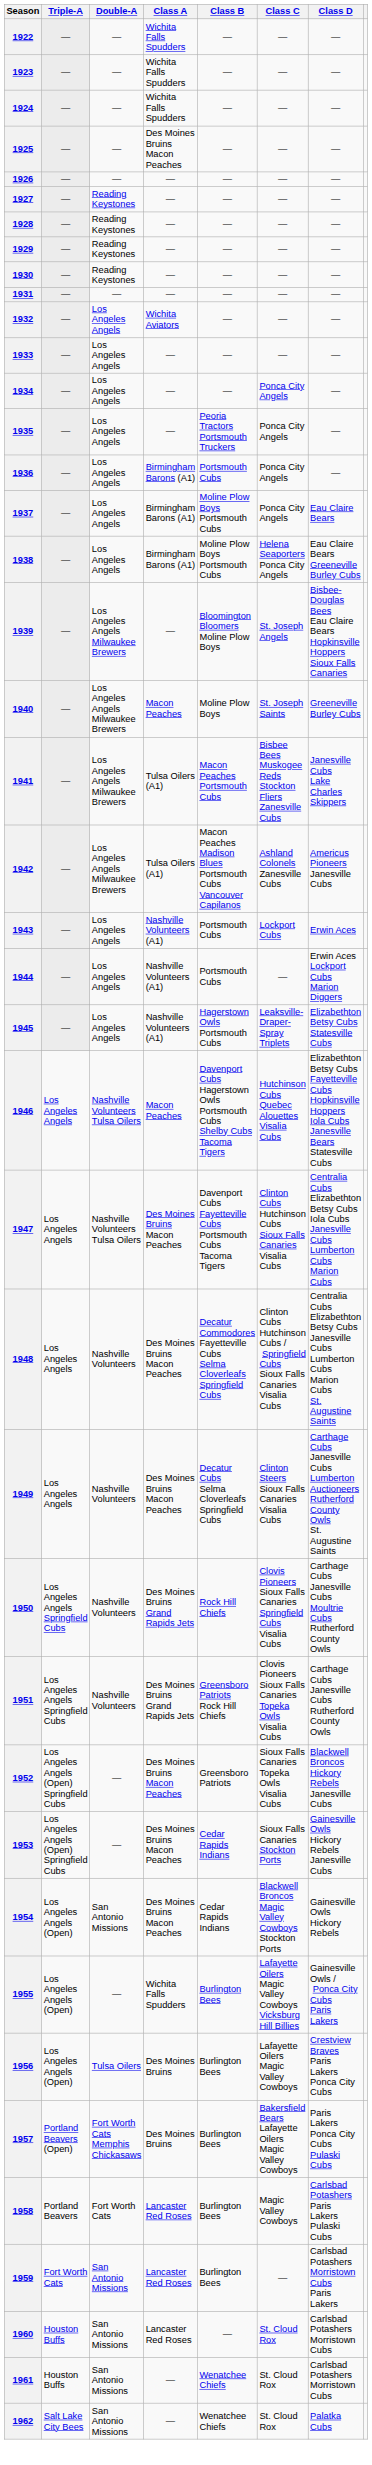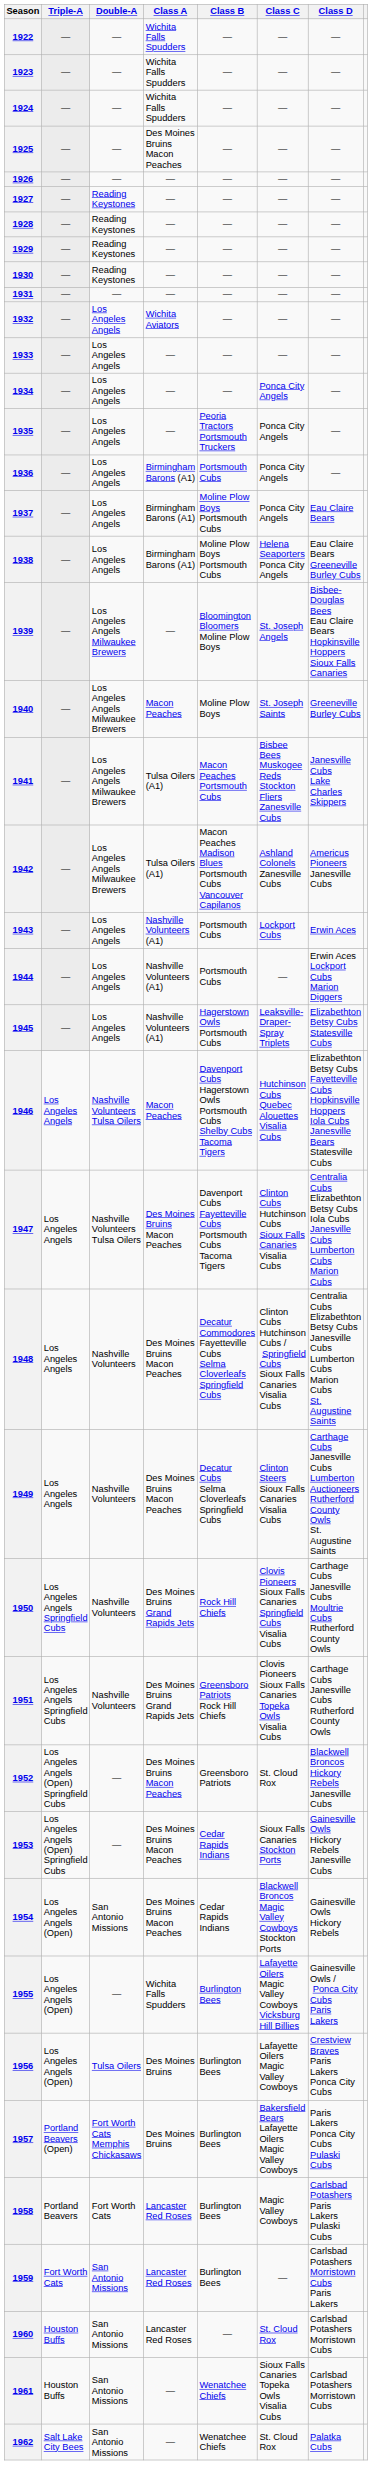 <table class="wikitable plainrowheaders">
 <tr>
 <th scope="col">Season</th>
 <th scope="col"><a href='#'><span>Triple-A</span></a></th>
 <th scope="col"><a href='#'><span>Double-A</span></a></th>
 <th scope="col"><a href='#'><span>Class A</span></a></th>
 <th scope="col"><a href='#'><span>Class B</span></a></th>
 <th scope="col"><a href='#'><span>Class C</span></a></th>
 <th scope="col"><a href='#'><span>Class D</span></a></th>
 <th scope="col"></th>
 </tr>
 <tr>
 <th scope="row" style="text-align:center"><a href='#'>1922</a></th>
 <td style="background:#ececec" align="center">—</td>
 <td align="center">—</td>
 <td><a href='#'>Wichita Falls Spudders</a></td>
 <td align="center">—</td>
 <td align="center">—</td>
 <td align="center">—</td>
 <td align="center"></td>
 </tr>
 <tr>
 <th scope="row" style="text-align:center"><a href='#'>1923</a></th>
 <td style="background:#ececec" align="center">—</td>
 <td align="center">—</td>
 <td>Wichita Falls Spudders</td>
 <td align="center">—</td>
 <td align="center">—</td>
 <td align="center">—</td>
 <td align="center"></td>
 </tr>
 <tr>
 <th scope="row" style="text-align:center"><a href='#'>1924</a></th>
 <td style="background:#ececec" align="center">—</td>
 <td align="center">—</td>
 <td>Wichita Falls Spudders</td>
 <td align="center">—</td>
 <td align="center">—</td>
 <td align="center">—</td>
 <td align="center"></td>
 </tr>
 <tr>
 <th scope="row" style="text-align:center"><a href='#'>1925</a></th>
 <td style="background:#ececec" align="center">—</td>
 <td align="center">—</td>
 <td>Des Moines Bruins<br>Macon Peaches</td>
 <td align="center">—</td>
 <td align="center">—</td>
 <td align="center">—</td>
 <td align="center"></td>
 </tr>
 <tr>
 <th scope="row" style="text-align:center"><a href='#'>1926</a></th>
 <td style="background:#ececec" align="center">—</td>
 <td align="center">—</td>
 <td align="center">—</td>
 <td align="center">—</td>
 <td align="center">—</td>
 <td align="center">—</td>
 <td align="center"></td>
 </tr>
 <tr>
 <th scope="row" style="text-align:center"><a href='#'>1927</a></th>
 <td style="background:#ececec" align="center">—</td>
 <td><a href='#'>Reading Keystones</a></td>
 <td align="center">—</td>
 <td align="center">—</td>
 <td align="center">—</td>
 <td align="center">—</td>
 <td align="center"></td>
 </tr>
 <tr>
 <th scope="row" style="text-align:center"><a href='#'>1928</a></th>
 <td style="background:#ececec" align="center">—</td>
 <td>Reading Keystones</td>
 <td align="center">—</td>
 <td align="center">—</td>
 <td align="center">—</td>
 <td align="center">—</td>
 <td align="center"></td>
 </tr>
 <tr>
 <th scope="row" style="text-align:center"><a href='#'>1929</a></th>
 <td style="background:#ececec" align="center">—</td>
 <td>Reading Keystones</td>
 <td align="center">—</td>
 <td align="center">—</td>
 <td align="center">—</td>
 <td align="center">—</td>
 <td align="center"></td>
 </tr>
 <tr>
 <th scope="row" style="text-align:center"><a href='#'>1930</a></th>
 <td style="background:#ececec" align="center">—</td>
 <td>Reading Keystones</td>
 <td align="center">—</td>
 <td align="center">—</td>
 <td align="center">—</td>
 <td align="center">—</td>
 <td align="center"></td>
 </tr>
 <tr>
 <th scope="row" style="text-align:center"><a href='#'>1931</a></th>
 <td style="background:#ececec" align="center">—</td>
 <td align="center">—</td>
 <td align="center">—</td>
 <td align="center">—</td>
 <td align="center">—</td>
 <td align="center">—</td>
 <td align="center"></td>
 </tr>
 <tr>
 <th scope="row" style="text-align:center"><a href='#'>1932</a></th>
 <td style="background:#ececec" align="center">—</td>
 <td><a href='#'>Los Angeles Angels</a></td>
 <td><a href='#'>Wichita Aviators</a></td>
 <td align="center">—</td>
 <td align="center">—</td>
 <td align="center">—</td>
 <td align="center"></td>
 </tr>
 <tr>
 <th scope="row" style="text-align:center"><a href='#'>1933</a></th>
 <td style="background:#ececec" align="center">—</td>
 <td>Los Angeles Angels</td>
 <td align="center">—</td>
 <td align="center">—</td>
 <td align="center">—</td>
 <td align="center">—</td>
 <td align="center"></td>
 </tr>
 <tr>
 <th scope="row" style="text-align:center"><a href='#'>1934</a></th>
 <td style="background:#ececec" align="center">—</td>
 <td>Los Angeles Angels</td>
 <td align="center">—</td>
 <td align="center">—</td>
 <td><a href='#'>Ponca City Angels</a></td>
 <td align="center">—</td>
 <td align="center"></td>
 </tr>
 <tr>
 <th scope="row" style="text-align:center"><a href='#'>1935</a></th>
 <td style="background:#ececec" align="center">—</td>
 <td>Los Angeles Angels</td>
 <td align="center">—</td>
 <td><a href='#'>Peoria Tractors</a><br><a href='#'>Portsmouth Truckers</a></td>
 <td>Ponca City Angels</td>
 <td align="center">—</td>
 <td align="center"></td>
 </tr>
 <tr>
 <th scope="row" style="text-align:center"><a href='#'>1936</a></th>
 <td style="background:#ececec" align="center">—</td>
 <td>Los Angeles Angels</td>
 <td><a href='#'>Birmingham Barons</a> (A1)</td>
 <td><a href='#'>Portsmouth Cubs</a></td>
 <td>Ponca City Angels</td>
 <td align="center">—</td>
 <td align="center"></td>
 </tr>
 <tr>
 <th scope="row" style="text-align:center"><a href='#'>1937</a></th>
 <td style="background:#ececec" align="center">—</td>
 <td>Los Angeles Angels</td>
 <td>Birmingham Barons (A1)</td>
 <td><a href='#'>Moline Plow Boys</a><br>Portsmouth Cubs</td>
 <td>Ponca City Angels</td>
 <td><a href='#'>Eau Claire Bears</a></td>
 <td align="center"></td>
 </tr>
 <tr>
 <th scope="row" style="text-align:center"><a href='#'>1938</a></th>
 <td style="background:#ececec" align="center">—</td>
 <td>Los Angeles Angels</td>
 <td>Birmingham Barons (A1)</td>
 <td>Moline Plow Boys<br>Portsmouth Cubs</td>
 <td><a href='#'>Helena Seaporters</a><br>Ponca City Angels</td>
 <td>Eau Claire Bears<br><a href='#'>Greeneville Burley Cubs</a></td>
 <td align="center"></td>
 </tr>
 <tr>
 <th scope="row" style="text-align:center"><a href='#'>1939</a></th>
 <td style="background:#ececec" align="center">—</td>
 <td>Los Angeles Angels<br><a href='#'>Milwaukee Brewers</a></td>
 <td align="center">—</td>
 <td><a href='#'>Bloomington Bloomers</a><br>Moline Plow Boys</td>
 <td><a href='#'>St. Joseph Angels</a></td>
 <td><a href='#'>Bisbee-Douglas Bees</a><br>Eau Claire Bears<br><a href='#'>Hopkinsville Hoppers</a><br><a href='#'>Sioux Falls Canaries</a></td>
 <td align="center"></td>
 </tr>
 <tr>
 <th scope="row" style="text-align:center"><a href='#'>1940</a></th>
 <td style="background:#ececec" align="center">—</td>
 <td>Los Angeles Angels<br>Milwaukee Brewers</td>
 <td><a href='#'>Macon Peaches</a></td>
 <td>Moline Plow Boys</td>
 <td><a href='#'>St. Joseph Saints</a></td>
 <td><a href='#'>Greeneville Burley Cubs</a></td>
 <td align="center"></td>
 </tr>
 <tr>
 <th scope="row" style="text-align:center"><a href='#'>1941</a></th>
 <td style="background:#ececec" align="center">—</td>
 <td>Los Angeles Angels<br>Milwaukee Brewers</td>
 <td>Tulsa Oilers (A1)</td>
 <td><a href='#'>Macon Peaches</a><br><a href='#'>Portsmouth Cubs</a></td>
 <td><a href='#'>Bisbee Bees</a><br><a href='#'>Muskogee Reds</a><br><a href='#'>Stockton Fliers</a><br><a href='#'>Zanesville Cubs</a></td>
 <td><a href='#'>Janesville Cubs</a><br><a href='#'>Lake Charles Skippers</a></td>
 <td align="center"></td>
 </tr>
 <tr>
 <th scope="row" style="text-align:center"><a href='#'>1942</a></th>
 <td style="background:#ececec" align="center">—</td>
 <td>Los Angeles Angels<br>Milwaukee Brewers</td>
 <td>Tulsa Oilers (A1)</td>
 <td>Macon Peaches<br><a href='#'>Madison Blues</a><br>Portsmouth Cubs<br><a href='#'>Vancouver Capilanos</a></td>
 <td><a href='#'>Ashland Colonels</a><br>Zanesville Cubs</td>
 <td><a href='#'>Americus Pioneers</a><br>Janesville Cubs</td>
 <td align="center"></td>
 </tr>
 <tr>
 <th scope="row" style="text-align:center"><a href='#'>1943</a></th>
 <td style="background:#ececec" align="center">—</td>
 <td>Los Angeles Angels</td>
 <td><a href='#'>Nashville Volunteers</a> (A1)</td>
 <td>Portsmouth Cubs</td>
 <td><a href='#'>Lockport Cubs</a></td>
 <td><a href='#'>Erwin Aces</a></td>
 <td align="center"></td>
 </tr>
 <tr>
 <th scope="row" style="text-align:center"><a href='#'>1944</a></th>
 <td style="background:#ececec" align="center">—</td>
 <td>Los Angeles Angels</td>
 <td>Nashville Volunteers (A1)</td>
 <td>Portsmouth Cubs</td>
 <td align="center">—</td>
 <td>Erwin Aces<br><a href='#'>Lockport Cubs</a><br><a href='#'>Marion Diggers</a></td>
 <td align="center"></td>
 </tr>
 <tr>
 <th scope="row" style="text-align:center"><a href='#'>1945</a></th>
 <td style="background:#ececec" align="center">—</td>
 <td>Los Angeles Angels</td>
 <td>Nashville Volunteers (A1)</td>
 <td><a href='#'>Hagerstown Owls</a><br>Portsmouth Cubs</td>
 <td><a href='#'>Leaksville-Draper-Spray Triplets</a></td>
 <td><a href='#'>Elizabethton Betsy Cubs</a><br><a href='#'>Statesville Cubs</a></td>
 <td align="center"></td>
 </tr>
 <tr>
 <th scope="row" style="text-align:center"><a href='#'>1946</a></th>
 <td><a href='#'>Los Angeles Angels</a></td>
 <td><a href='#'>Nashville Volunteers</a><br><a href='#'>Tulsa Oilers</a></td>
 <td><a href='#'>Macon Peaches</a></td>
 <td><a href='#'>Davenport Cubs</a><br>Hagerstown Owls<br>Portsmouth Cubs<br><a href='#'>Shelby Cubs</a><br><a href='#'>Tacoma Tigers</a></td>
 <td><a href='#'>Hutchinson Cubs</a><br><a href='#'>Quebec Alouettes</a><br><a href='#'>Visalia Cubs</a></td>
 <td>Elizabethton Betsy Cubs<br><a href='#'>Fayetteville Cubs</a><br><a href='#'>Hopkinsville Hoppers</a><br><a href='#'>Iola Cubs</a><br><a href='#'>Janesville Bears</a><br>Statesville Cubs</td>
 <td align="center"></td>
 </tr>
 <tr>
 <th scope="row" style="text-align:center"><a href='#'>1947</a></th>
 <td>Los Angeles Angels</td>
 <td>Nashville Volunteers<br>Tulsa Oilers</td>
 <td><a href='#'>Des Moines Bruins</a><br>Macon Peaches</td>
 <td>Davenport Cubs<br><a href='#'>Fayetteville Cubs</a><br>Portsmouth Cubs<br>Tacoma Tigers</td>
 <td><a href='#'>Clinton Cubs</a><br>Hutchinson Cubs<br><a href='#'>Sioux Falls Canaries</a><br>Visalia Cubs</td>
 <td><a href='#'>Centralia Cubs</a><br>Elizabethton Betsy Cubs<br>Iola Cubs<br><a href='#'>Janesville Cubs</a><br><a href='#'>Lumberton Cubs</a><br><a href='#'>Marion Cubs</a></td>
 <td align="center"></td>
 </tr>
 <tr>
 <th scope="row" style="text-align:center"><a href='#'>1948</a></th>
 <td>Los Angeles Angels</td>
 <td>Nashville Volunteers</td>
 <td>Des Moines Bruins<br>Macon Peaches</td>
 <td><a href='#'>Decatur Commodores</a><br>Fayetteville Cubs<br><a href='#'>Selma Cloverleafs</a><br><a href='#'>Springfield Cubs</a></td>
 <td>Clinton Cubs<br>Hutchinson Cubs  /<br> <a href='#'>Springfield Cubs</a><br>Sioux Falls Canaries<br>Visalia Cubs</td>
 <td>Centralia Cubs<br>Elizabethton Betsy Cubs<br>Janesville Cubs<br>Lumberton Cubs<br>Marion Cubs<br><a href='#'>St. Augustine Saints</a></td>
 <td align="center"></td>
 </tr>
 <tr>
 <th scope="row" style="text-align:center"><a href='#'>1949</a></th>
 <td>Los Angeles Angels</td>
 <td>Nashville Volunteers</td>
 <td>Des Moines Bruins<br>Macon Peaches</td>
 <td><a href='#'>Decatur Cubs</a><br>Selma Cloverleafs<br>Springfield Cubs</td>
 <td><a href='#'>Clinton Steers</a><br>Sioux Falls Canaries<br>Visalia Cubs</td>
 <td><a href='#'>Carthage Cubs</a><br>Janesville Cubs<br><a href='#'>Lumberton Auctioneers</a><br><a href='#'>Rutherford County Owls</a><br>St. Augustine Saints</td>
 <td align="center"></td>
 </tr>
 <tr>
 <th scope="row" style="text-align:center"><a href='#'>1950</a></th>
 <td>Los Angeles Angels<br><a href='#'>Springfield Cubs</a></td>
 <td>Nashville Volunteers</td>
 <td>Des Moines Bruins<br><a href='#'>Grand Rapids Jets</a></td>
 <td><a href='#'>Rock Hill Chiefs</a></td>
 <td><a href='#'>Clovis Pioneers</a><br>Sioux Falls Canaries<br><a href='#'>Springfield Cubs</a><br>Visalia Cubs</td>
 <td>Carthage Cubs<br>Janesville Cubs<br><a href='#'>Moultrie Cubs</a><br>Rutherford County Owls</td>
 <td align="center"></td>
 </tr>
 <tr>
 <th scope="row" style="text-align:center"><a href='#'>1951</a></th>
 <td>Los Angeles Angels<br>Springfield Cubs</td>
 <td>Nashville Volunteers</td>
 <td>Des Moines Bruins<br>Grand Rapids Jets</td>
 <td><a href='#'>Greensboro Patriots</a><br>Rock Hill Chiefs</td>
 <td>Clovis Pioneers<br>Sioux Falls Canaries<br><a href='#'>Topeka Owls</a><br>Visalia Cubs</td>
 <td>Carthage Cubs<br>Janesville Cubs<br>Rutherford County Owls</td>
 <td align="center"></td>
 </tr>
 <tr>
 <th scope="row" style="text-align:center"><a href='#'>1952</a></th>
 <td>Los Angeles Angels (Open)<br>Springfield Cubs</td>
 <td align="center">—</td>
 <td>Des Moines Bruins<br><a href='#'>Macon Peaches</a></td>
 <td>Greensboro Patriots</td>
-<td>Sioux Falls Canaries<br>Topeka Owls<br>Visalia Cubs</td>
+<td>St. Cloud Rox</td>
 <td><a href='#'>Blackwell Broncos</a><br><a href='#'>Hickory Rebels</a><br>Janesville Cubs</td>
 <td align="center"></td>
 </tr>
 <tr>
 <th scope="row" style="text-align:center"><a href='#'>1953</a></th>
 <td>Los Angeles Angels (Open)<br>Springfield Cubs</td>
 <td align="center">—</td>
 <td>Des Moines Bruins<br>Macon Peaches</td>
 <td><a href='#'>Cedar Rapids Indians</a></td>
 <td>Sioux Falls Canaries<br><a href='#'>Stockton Ports</a></td>
 <td><a href='#'>Gainesville Owls</a><br>Hickory Rebels<br>Janesville Cubs</td>
 <td align="center"></td>
 </tr>
 <tr>
 <th scope="row" style="text-align:center"><a href='#'>1954</a></th>
 <td>Los Angeles Angels (Open)</td>
 <td>San Antonio Missions</td>
 <td>Des Moines Bruins<br>Macon Peaches</td>
 <td>Cedar Rapids Indians</td>
 <td><a href='#'>Blackwell Broncos</a><br><a href='#'>Magic Valley Cowboys</a><br>Stockton Ports</td>
 <td>Gainesville Owls<br>Hickory Rebels</td>
 <td align="center"></td>
 </tr>
 <tr>
 <th scope="row" style="text-align:center"><a href='#'>1955</a></th>
 <td>Los Angeles Angels (Open)</td>
 <td align="center">—</td>
 <td>Wichita Falls Spudders</td>
 <td><a href='#'>Burlington Bees</a></td>
 <td><a href='#'>Lafayette Oilers</a><br>Magic Valley Cowboys<br><a href='#'>Vicksburg Hill Billies</a></td>
 <td>Gainesville Owls /<br> <a href='#'>Ponca City Cubs</a><br><a href='#'>Paris Lakers</a></td>
 <td align="center"></td>
 </tr>
 <tr>
 <th scope="row" style="text-align:center"><a href='#'>1956</a></th>
 <td>Los Angeles Angels (Open)</td>
 <td><a href='#'>Tulsa Oilers</a></td>
 <td>Des Moines Bruins</td>
 <td>Burlington Bees</td>
 <td>Lafayette Oilers<br>Magic Valley Cowboys</td>
 <td><a href='#'>Crestview Braves</a><br>Paris Lakers<br>Ponca City Cubs</td>
 <td align="center"></td>
 </tr>
 <tr>
 <th scope="row" style="text-align:center"><a href='#'>1957</a></th>
 <td><a href='#'>Portland Beavers</a> (Open)</td>
 <td><a href='#'>Fort Worth Cats</a><br><a href='#'>Memphis Chickasaws</a></td>
 <td>Des Moines Bruins</td>
 <td>Burlington Bees</td>
 <td><a href='#'>Bakersfield Bears</a><br>Lafayette Oilers<br>Magic Valley Cowboys</td>
 <td>Paris Lakers<br>Ponca City Cubs<br><a href='#'>Pulaski Cubs</a></td>
 <td align="center"></td>
 </tr>
 <tr>
 <th scope="row" style="text-align:center"><a href='#'>1958</a></th>
 <td>Portland Beavers</td>
 <td>Fort Worth Cats</td>
 <td><a href='#'>Lancaster Red Roses</a></td>
 <td>Burlington Bees</td>
 <td>Magic Valley Cowboys</td>
 <td><a href='#'>Carlsbad Potashers</a><br>Paris Lakers<br>Pulaski Cubs</td>
 <td align="center"></td>
 </tr>
 <tr>
 <th scope="row" style="text-align:center"><a href='#'>1959</a></th>
 <td><a href='#'>Fort Worth Cats</a></td>
 <td><a href='#'>San Antonio Missions</a></td>
 <td><a href='#'>Lancaster Red Roses</a></td>
 <td>Burlington Bees</td>
 <td align="center">—</td>
 <td>Carlsbad Potashers<br><a href='#'>Morristown Cubs</a><br>Paris Lakers</td>
 <td align="center"></td>
 </tr>
 <tr>
 <th scope="row" style="text-align:center"><a href='#'>1960</a></th>
 <td><a href='#'>Houston Buffs</a></td>
 <td>San Antonio Missions</td>
 <td>Lancaster Red Roses</td>
 <td align="center">—</td>
 <td><a href='#'>St. Cloud Rox</a></td>
 <td>Carlsbad Potashers<br>Morristown Cubs</td>
 <td align="center"></td>
 </tr>
 <tr>
 <th scope="row" style="text-align:center"><a href='#'>1961</a></th>
 <td>Houston Buffs</td>
 <td>San Antonio Missions</td>
 <td align="center">—</td>
 <td><a href='#'>Wenatchee Chiefs</a></td>
-<td>St. Cloud Rox</td>
+<td>Sioux Falls Canaries<br>Topeka Owls<br>Visalia Cubs</td>
 <td>Carlsbad Potashers<br>Morristown Cubs</td>
 <td align="center"></td>
 </tr>
 <tr>
 <th scope="row" style="text-align:center"><a href='#'>1962</a></th>
 <td><a href='#'>Salt Lake City Bees</a></td>
 <td>San Antonio Missions</td>
 <td align="center">—</td>
 <td>Wenatchee Chiefs</td>
 <td>St. Cloud Rox</td>
 <td><a href='#'>Palatka Cubs</a></td>
 <td align="center"></td>
 </tr>
 </table>
